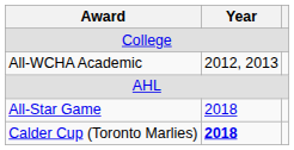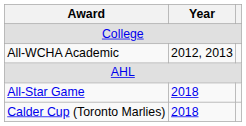 <table class="wikitable">
 <tr>
 <th>Award</th>
 <th>Year</th>
 <th></th>
 </tr>
 <tr ALIGN="center" bgcolor="#e0e0e0">
 <td colspan="3"><a href='#'>College</a></td>
 </tr>
 <tr>
 <td>All-WCHA Academic</td>
 <td>2012, 2013</td>
 <td></td>
 </tr>
 <tr ALIGN="center" bgcolor="#e0e0e0">
 <td colspan="3"><a href='#'>AHL</a></td>
 </tr>
 <tr>
 <td><a href='#'>All-Star Game</a></td>
 <td><a href='#'>2018</a></td>
 <td></td>
 </tr>
 <tr>
 <td><a href='#'>Calder Cup</a> (Toronto Marlies)</td>
-<td><strong><a href='#'>2018</a></strong></td>
+<td><a href='#'>2018</a></td>
 <td></td>
 </tr>
 </table>
